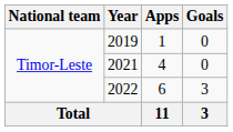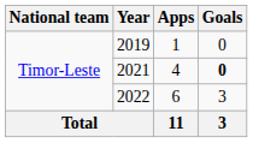 <table class="wikitable" style="text-align:center">
 <tr>
 <th>National team</th>
 <th>Year</th>
 <th>Apps</th>
 <th>Goals</th>
 </tr>
 <tr>
 <td rowspan="3"><a href='#'>Timor-Leste</a></td>
 <td>2019</td>
 <td>1</td>
 <td>0</td>
 </tr>
 <tr>
 <td>2021</td>
 <td>4</td>
-<td>0</td>
+<td><strong>0</strong></td>
 </tr>
 <tr>
 <td>2022</td>
 <td>6</td>
 <td>3</td>
 </tr>
 <tr>
 <th colspan=2>Total</th>
 <th>11</th>
 <th>3</th>
 </tr>
 </table>
